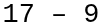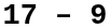 <table style="text-align:center">
 <tr>
 <th width=200></th>
 <th width=100></th>
 <th width=200></th>
 </tr>
 <tr>
 <td align=right><strong></strong></td>
-<td>17 – 9</td>
+<td><strong>17 – 9</strong></td>
 <td align=left></td>
 </tr>
 </table>
